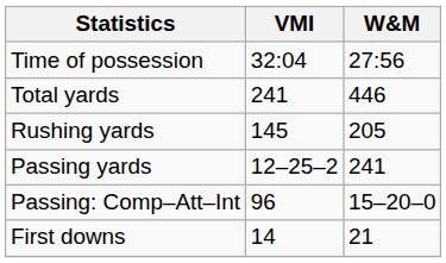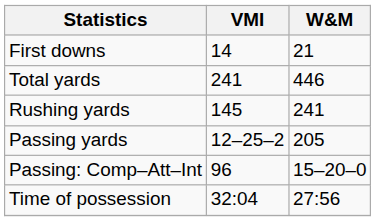 <table class="wikitable" style="float: left;">
 <tr>
 <th>Statistics</th>
 <th>VMI</th>
 <th>W&M</th>
 </tr>
 <tr>
-<td>Time of possession</td>
-<td>32:04</td>
-<td>27:56</td>
+<td>First downs</td>
+<td>14</td>
+<td>21</td>
 </tr>
 <tr>
 <td>Total yards</td>
 <td>241</td>
 <td>446</td>
 </tr>
 <tr>
 <td>Rushing yards</td>
 <td>145</td>
-<td>205</td>
+<td>241</td>
 </tr>
 <tr>
 <td>Passing yards</td>
 <td>12–25–2</td>
-<td>241</td>
+<td>205</td>
 </tr>
 <tr>
 <td>Passing: Comp–Att–Int</td>
 <td>96</td>
 <td>15–20–0</td>
 </tr>
 <tr>
-<td>First downs</td>
-<td>14</td>
-<td>21</td>
+<td>Time of possession</td>
+<td>32:04</td>
+<td>27:56</td>
 </tr>
 <tr>
 </tr>
 </table>
